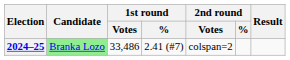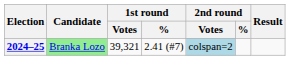 <table class=wikitable style="text-alignment:center">
 <tr>
 <th rowspan=2>Election</th>
 <th rowspan=2>Candidate</th>
 <th colspan=2>1st round</th>
 <th colspan=2>2nd round</th>
 <th rowspan=2>Result</th>
 </tr>
 <tr>
 <th>Votes</th>
 <th>%</th>
 <th>Votes</th>
 <th>%</th>
 </tr>
 <tr>
 <th><a href='#'>2024–25</a></th>
 <td style="background: lightgreen;"><a href='#'>Branka Lozo</a></td>
-<td>33,486</td>
+<td>39,321</td>
 <td>2.41 (#7)</td>
-<td>colspan=2 </td>
+<td style="background: lightblue;">colspan=2 </td>
 <td></td>
 </tr>
 </table>
